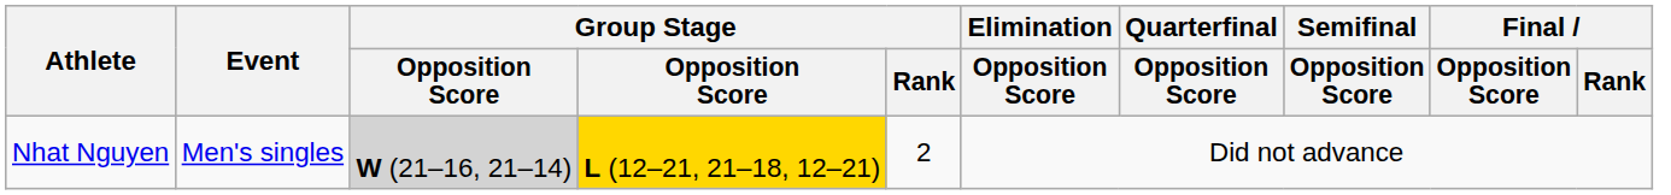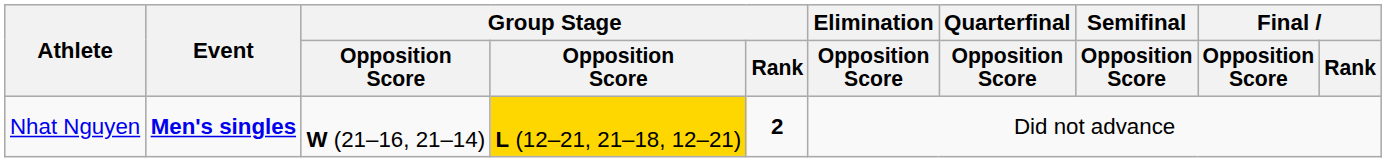 <table class="wikitable" style="font-size:90%">
 <tr>
 <th rowspan=2>Athlete</th>
 <th rowspan=2>Event</th>
 <th colspan=3>Group Stage</th>
 <th>Elimination</th>
 <th>Quarterfinal</th>
 <th>Semifinal</th>
 <th colspan=2>Final / </th>
 </tr>
 <tr style="font-size:95%">
 <th>Opposition<br>Score</th>
 <th>Opposition<br>Score</th>
 <th>Rank</th>
 <th>Opposition<br>Score</th>
 <th>Opposition<br>Score</th>
 <th>Opposition<br>Score</th>
 <th>Opposition<br>Score</th>
 <th>Rank</th>
 </tr>
 <tr align=center>
 <td align=left><a href='#'>Nhat Nguyen</a></td>
-<td align=left><a href='#'>Men's singles</a></td>
-<td style="background: lightgrey;"><br><strong>W</strong> (21–16, 21–14)</td>
+<td align=left><strong><a href='#'>Men's singles</a></strong></td>
+<td><br><strong>W</strong> (21–16, 21–14)</td>
 <td style="background: gold;"><br><strong>L</strong> (12–21, 21–18, 12–21)</td>
-<td>2</td>
+<td><strong>2</strong></td>
 <td colspan=5>Did not advance</td>
 </tr>
 </table>
